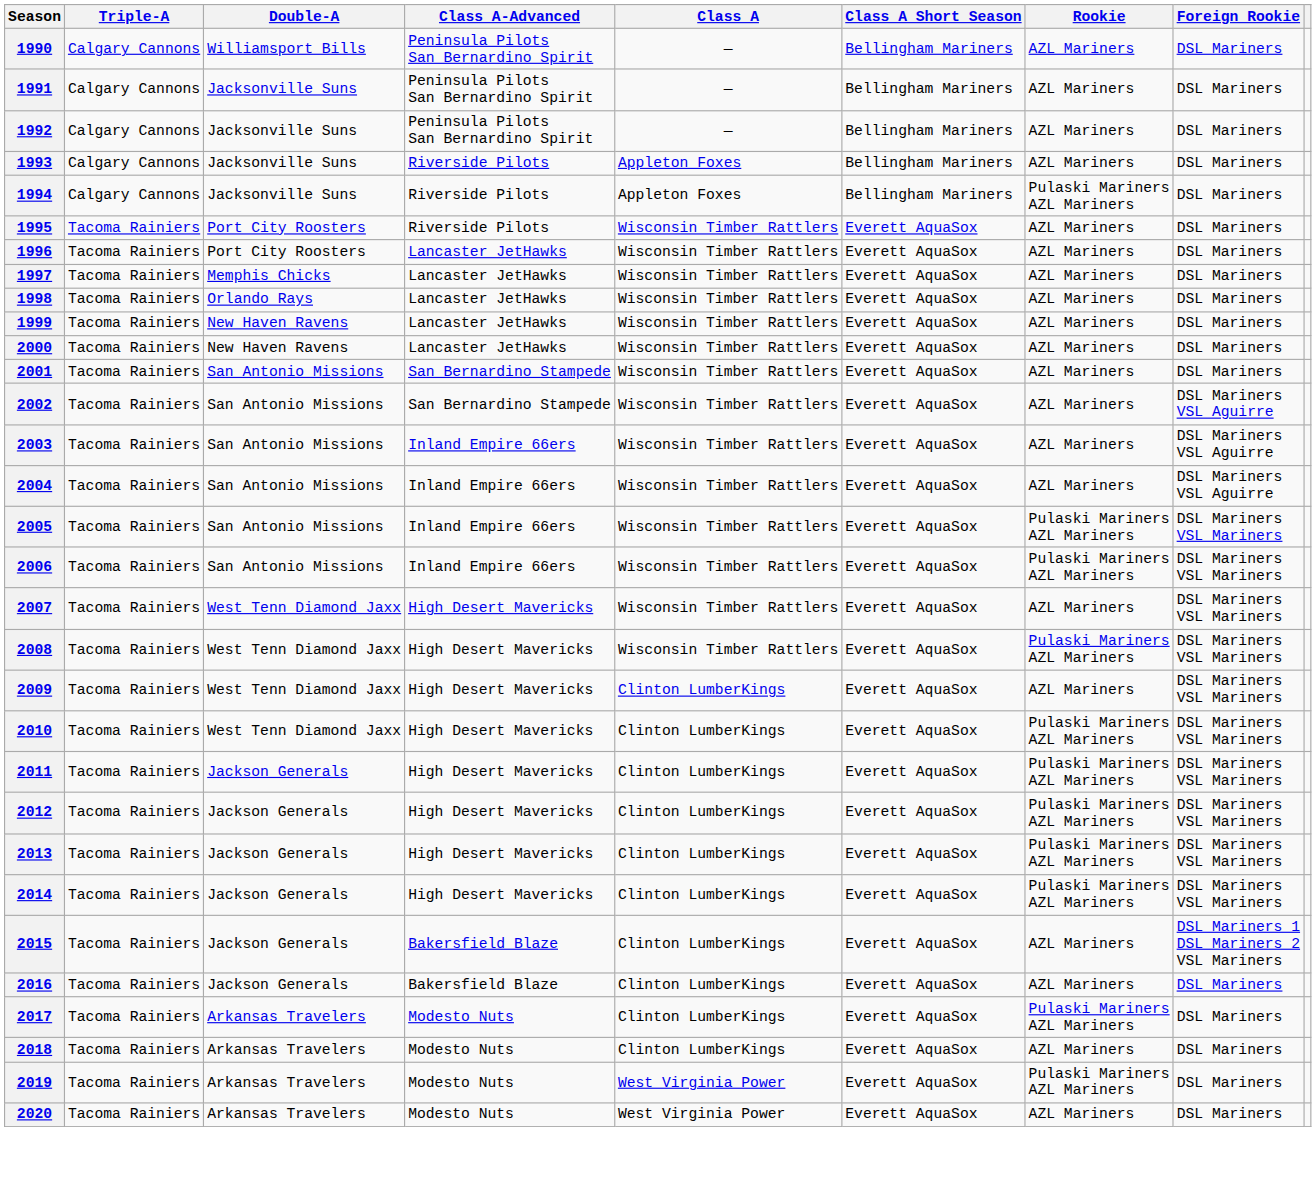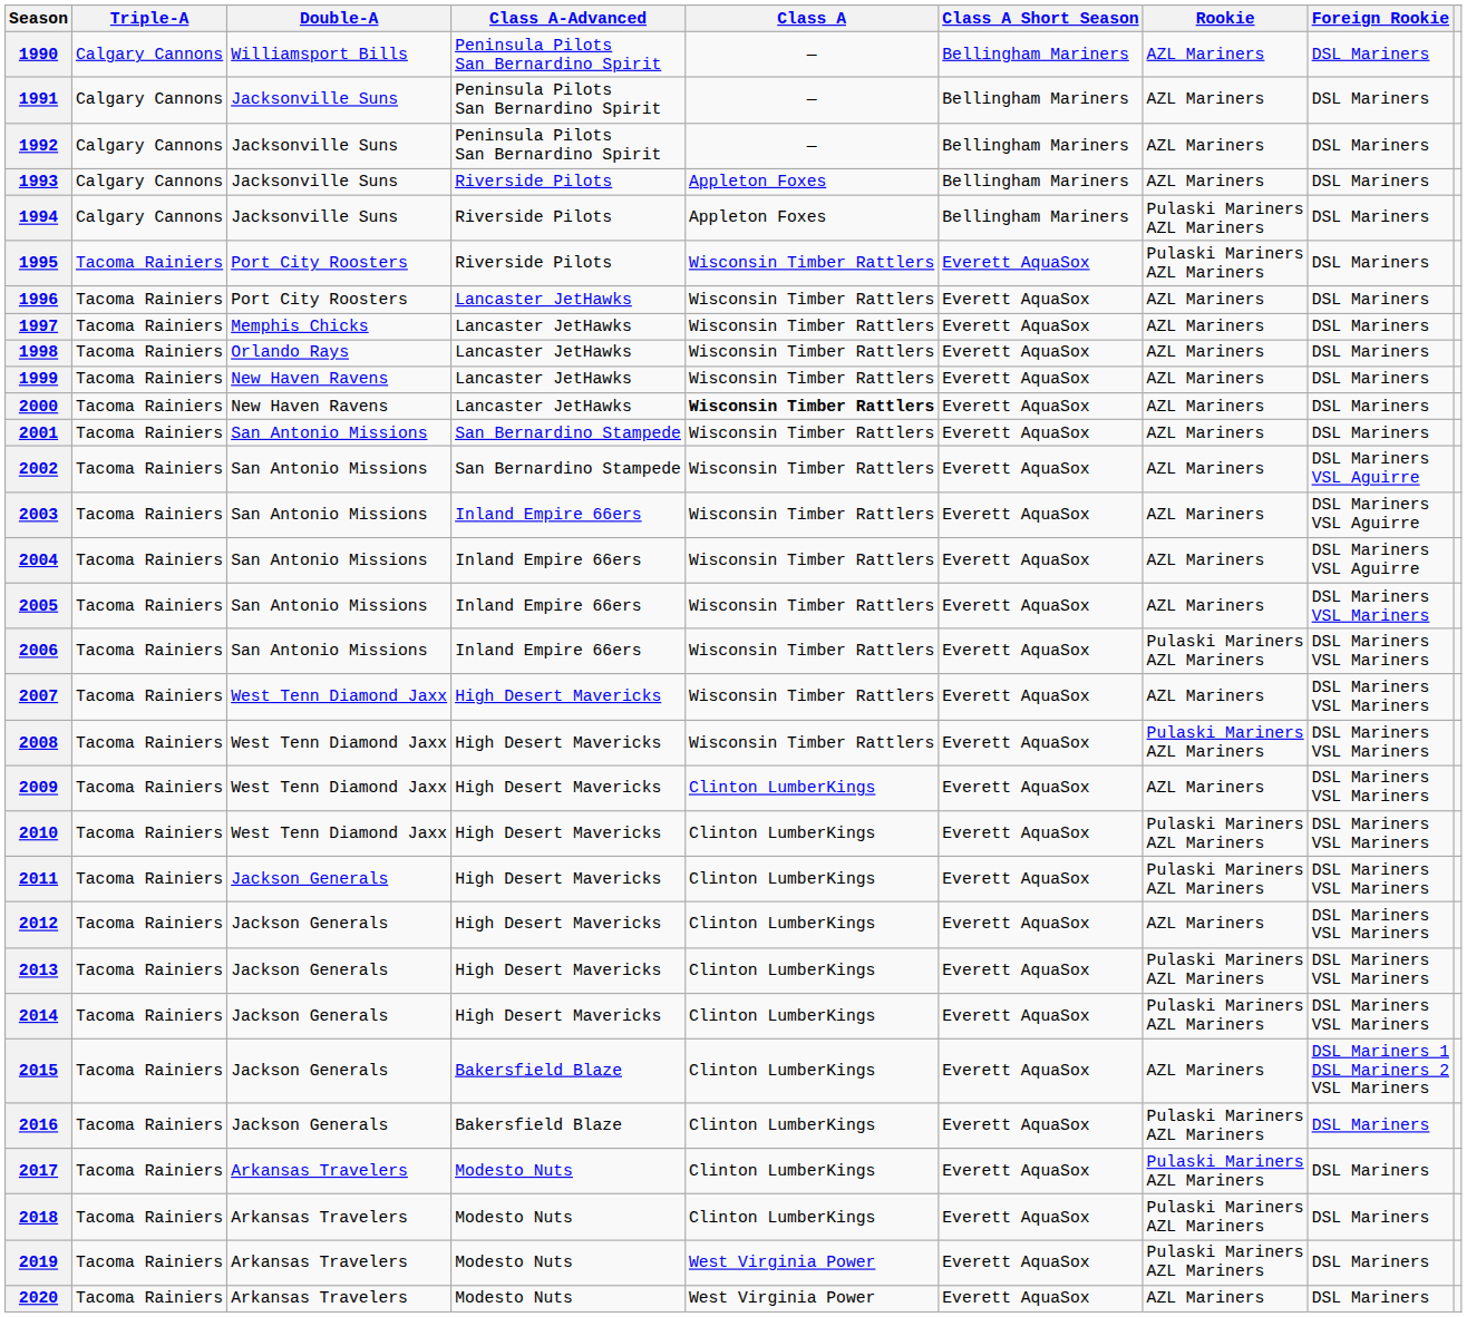 <table class="wikitable plainrowheaders">
 <tr>
 <th scope="col">Season</th>
 <th scope="col"><a href='#'><span>Triple-A</span></a></th>
 <th scope="col"><a href='#'><span>Double-A</span></a></th>
 <th scope="col"><a href='#'><span>Class A-Advanced</span></a></th>
 <th scope="col"><a href='#'><span>Class A</span></a></th>
 <th scope="col"><a href='#'><span>Class A Short Season</span></a></th>
 <th scope="col"><a href='#'><span>Rookie</span></a></th>
 <th scope="col"><a href='#'><span>Foreign Rookie</span></a></th>
 <th scope="col"></th>
 </tr>
 <tr>
 <th scope="row" style="text-align:center"><a href='#'>1990</a></th>
 <td><a href='#'>Calgary Cannons</a></td>
 <td><a href='#'>Williamsport Bills</a></td>
 <td><a href='#'>Peninsula Pilots</a><br><a href='#'>San Bernardino Spirit</a></td>
 <td align="center">—</td>
 <td><a href='#'>Bellingham Mariners</a></td>
 <td><a href='#'>AZL Mariners</a></td>
 <td><a href='#'>DSL Mariners</a></td>
 <td align="center"></td>
 </tr>
 <tr>
 <th scope="row" style="text-align:center"><a href='#'>1991</a></th>
 <td>Calgary Cannons</td>
 <td><a href='#'>Jacksonville Suns</a></td>
 <td>Peninsula Pilots<br>San Bernardino Spirit</td>
 <td align="center">—</td>
 <td>Bellingham Mariners</td>
 <td>AZL Mariners</td>
 <td>DSL Mariners</td>
 <td align="center"></td>
 </tr>
 <tr>
 <th scope="row" style="text-align:center"><a href='#'>1992</a></th>
 <td>Calgary Cannons</td>
 <td>Jacksonville Suns</td>
 <td>Peninsula Pilots<br>San Bernardino Spirit</td>
 <td align="center">—</td>
 <td>Bellingham Mariners</td>
 <td>AZL Mariners</td>
 <td>DSL Mariners</td>
 <td align="center"></td>
 </tr>
 <tr>
 <th scope="row" style="text-align:center"><a href='#'>1993</a></th>
 <td>Calgary Cannons</td>
 <td>Jacksonville Suns</td>
 <td><a href='#'>Riverside Pilots</a></td>
 <td><a href='#'>Appleton Foxes</a></td>
 <td>Bellingham Mariners</td>
 <td>AZL Mariners</td>
 <td>DSL Mariners</td>
 <td align="center"></td>
 </tr>
 <tr>
 <th scope="row" style="text-align:center"><a href='#'>1994</a></th>
 <td>Calgary Cannons</td>
 <td>Jacksonville Suns</td>
 <td>Riverside Pilots</td>
 <td>Appleton Foxes</td>
 <td>Bellingham Mariners</td>
 <td>Pulaski Mariners<br>AZL Mariners</td>
 <td>DSL Mariners</td>
 <td align="center"></td>
 </tr>
 <tr>
 <th scope="row" style="text-align:center"><a href='#'>1995</a></th>
 <td><a href='#'>Tacoma Rainiers</a></td>
 <td><a href='#'>Port City Roosters</a></td>
 <td>Riverside Pilots</td>
 <td><a href='#'>Wisconsin Timber Rattlers</a></td>
 <td><a href='#'>Everett AquaSox</a></td>
-<td>AZL Mariners</td>
+<td>Pulaski Mariners<br>AZL Mariners</td>
 <td>DSL Mariners</td>
 <td align="center"></td>
 </tr>
 <tr>
 <th scope="row" style="text-align:center"><a href='#'>1996</a></th>
 <td>Tacoma Rainiers</td>
 <td>Port City Roosters</td>
 <td><a href='#'>Lancaster JetHawks</a></td>
 <td>Wisconsin Timber Rattlers</td>
 <td>Everett AquaSox</td>
 <td>AZL Mariners</td>
 <td>DSL Mariners</td>
 <td align="center"></td>
 </tr>
 <tr>
 <th scope="row" style="text-align:center"><a href='#'>1997</a></th>
 <td>Tacoma Rainiers</td>
 <td><a href='#'>Memphis Chicks</a></td>
 <td>Lancaster JetHawks</td>
 <td>Wisconsin Timber Rattlers</td>
 <td>Everett AquaSox</td>
 <td>AZL Mariners</td>
 <td>DSL Mariners</td>
 <td align="center"></td>
 </tr>
 <tr>
 <th scope="row" style="text-align:center"><a href='#'>1998</a></th>
 <td>Tacoma Rainiers</td>
 <td><a href='#'>Orlando Rays</a></td>
 <td>Lancaster JetHawks</td>
 <td>Wisconsin Timber Rattlers</td>
 <td>Everett AquaSox</td>
 <td>AZL Mariners</td>
 <td>DSL Mariners</td>
 <td align="center"></td>
 </tr>
 <tr>
 <th scope="row" style="text-align:center"><a href='#'>1999</a></th>
 <td>Tacoma Rainiers</td>
 <td><a href='#'>New Haven Ravens</a></td>
 <td>Lancaster JetHawks</td>
 <td>Wisconsin Timber Rattlers</td>
 <td>Everett AquaSox</td>
 <td>AZL Mariners</td>
 <td>DSL Mariners</td>
 <td align="center"></td>
 </tr>
 <tr>
 <th scope="row" style="text-align:center"><a href='#'>2000</a></th>
 <td>Tacoma Rainiers</td>
 <td>New Haven Ravens</td>
 <td>Lancaster JetHawks</td>
-<td>Wisconsin Timber Rattlers</td>
+<td><strong>Wisconsin Timber Rattlers</strong></td>
 <td>Everett AquaSox</td>
 <td>AZL Mariners</td>
 <td>DSL Mariners</td>
 <td align="center"></td>
 </tr>
 <tr>
 <th scope="row" style="text-align:center"><a href='#'>2001</a></th>
 <td>Tacoma Rainiers</td>
 <td><a href='#'>San Antonio Missions</a></td>
 <td><a href='#'>San Bernardino Stampede</a></td>
 <td>Wisconsin Timber Rattlers</td>
 <td>Everett AquaSox</td>
 <td>AZL Mariners</td>
 <td>DSL Mariners</td>
 <td align="center"></td>
 </tr>
 <tr>
 <th scope="row" style="text-align:center"><a href='#'>2002</a></th>
 <td>Tacoma Rainiers</td>
 <td>San Antonio Missions</td>
 <td>San Bernardino Stampede</td>
 <td>Wisconsin Timber Rattlers</td>
 <td>Everett AquaSox</td>
 <td>AZL Mariners</td>
 <td>DSL Mariners<br><a href='#'>VSL Aguirre</a></td>
 <td align="center"></td>
 </tr>
 <tr>
 <th scope="row" style="text-align:center"><a href='#'>2003</a></th>
 <td>Tacoma Rainiers</td>
 <td>San Antonio Missions</td>
 <td><a href='#'>Inland Empire 66ers</a></td>
 <td>Wisconsin Timber Rattlers</td>
 <td>Everett AquaSox</td>
 <td>AZL Mariners</td>
 <td>DSL Mariners<br>VSL Aguirre</td>
 <td align="center"></td>
 </tr>
 <tr>
 <th scope="row" style="text-align:center"><a href='#'>2004</a></th>
 <td>Tacoma Rainiers</td>
 <td>San Antonio Missions</td>
 <td>Inland Empire 66ers</td>
 <td>Wisconsin Timber Rattlers</td>
 <td>Everett AquaSox</td>
 <td>AZL Mariners</td>
 <td>DSL Mariners<br>VSL Aguirre</td>
 <td align="center"></td>
 </tr>
 <tr>
 <th scope="row" style="text-align:center"><a href='#'>2005</a></th>
 <td>Tacoma Rainiers</td>
 <td>San Antonio Missions</td>
 <td>Inland Empire 66ers</td>
 <td>Wisconsin Timber Rattlers</td>
 <td>Everett AquaSox</td>
-<td>Pulaski Mariners<br>AZL Mariners</td>
+<td>AZL Mariners</td>
 <td>DSL Mariners<br><a href='#'>VSL Mariners</a></td>
 <td align="center"></td>
 </tr>
 <tr>
 <th scope="row" style="text-align:center"><a href='#'>2006</a></th>
 <td>Tacoma Rainiers</td>
 <td>San Antonio Missions</td>
 <td>Inland Empire 66ers</td>
 <td>Wisconsin Timber Rattlers</td>
 <td>Everett AquaSox</td>
 <td>Pulaski Mariners<br>AZL Mariners</td>
 <td>DSL Mariners<br>VSL Mariners</td>
 <td align="center"></td>
 </tr>
 <tr>
 <th scope="row" style="text-align:center"><a href='#'>2007</a></th>
 <td>Tacoma Rainiers</td>
 <td><a href='#'>West Tenn Diamond Jaxx</a></td>
 <td><a href='#'>High Desert Mavericks</a></td>
 <td>Wisconsin Timber Rattlers</td>
 <td>Everett AquaSox</td>
 <td>AZL Mariners</td>
 <td>DSL Mariners<br>VSL Mariners</td>
 <td align="center"></td>
 </tr>
 <tr>
 <th scope="row" style="text-align:center"><a href='#'>2008</a></th>
 <td>Tacoma Rainiers</td>
 <td>West Tenn Diamond Jaxx</td>
 <td>High Desert Mavericks</td>
 <td>Wisconsin Timber Rattlers</td>
 <td>Everett AquaSox</td>
 <td><a href='#'>Pulaski Mariners</a><br>AZL Mariners</td>
 <td>DSL Mariners<br>VSL Mariners</td>
 <td align="center"></td>
 </tr>
 <tr>
 <th scope="row" style="text-align:center"><a href='#'>2009</a></th>
 <td>Tacoma Rainiers</td>
 <td>West Tenn Diamond Jaxx</td>
 <td>High Desert Mavericks</td>
 <td><a href='#'>Clinton LumberKings</a></td>
 <td>Everett AquaSox</td>
 <td>AZL Mariners</td>
 <td>DSL Mariners<br>VSL Mariners</td>
 <td align="center"></td>
 </tr>
 <tr>
 <th scope="row" style="text-align:center"><a href='#'>2010</a></th>
 <td>Tacoma Rainiers</td>
 <td>West Tenn Diamond Jaxx</td>
 <td>High Desert Mavericks</td>
 <td>Clinton LumberKings</td>
 <td>Everett AquaSox</td>
 <td>Pulaski Mariners<br>AZL Mariners</td>
 <td>DSL Mariners<br>VSL Mariners</td>
 <td align="center"></td>
 </tr>
 <tr>
 <th scope="row" style="text-align:center"><a href='#'>2011</a></th>
 <td>Tacoma Rainiers</td>
 <td><a href='#'>Jackson Generals</a></td>
 <td>High Desert Mavericks</td>
 <td>Clinton LumberKings</td>
 <td>Everett AquaSox</td>
 <td>Pulaski Mariners<br>AZL Mariners</td>
 <td>DSL Mariners<br>VSL Mariners</td>
 <td align="center"></td>
 </tr>
 <tr>
 <th scope="row" style="text-align:center"><a href='#'>2012</a></th>
 <td>Tacoma Rainiers</td>
 <td>Jackson Generals</td>
 <td>High Desert Mavericks</td>
 <td>Clinton LumberKings</td>
 <td>Everett AquaSox</td>
-<td>Pulaski Mariners<br>AZL Mariners</td>
+<td>AZL Mariners</td>
 <td>DSL Mariners<br>VSL Mariners</td>
 <td align="center"></td>
 </tr>
 <tr>
 <th scope="row" style="text-align:center"><a href='#'>2013</a></th>
 <td>Tacoma Rainiers</td>
 <td>Jackson Generals</td>
 <td>High Desert Mavericks</td>
 <td>Clinton LumberKings</td>
 <td>Everett AquaSox</td>
 <td>Pulaski Mariners<br>AZL Mariners</td>
 <td>DSL Mariners<br>VSL Mariners</td>
 <td align="center"></td>
 </tr>
 <tr>
 <th scope="row" style="text-align:center"><a href='#'>2014</a></th>
 <td>Tacoma Rainiers</td>
 <td>Jackson Generals</td>
 <td>High Desert Mavericks</td>
 <td>Clinton LumberKings</td>
 <td>Everett AquaSox</td>
 <td>Pulaski Mariners<br>AZL Mariners</td>
 <td>DSL Mariners<br>VSL Mariners</td>
 <td align="center"></td>
 </tr>
 <tr>
 <th scope="row" style="text-align:center"><a href='#'>2015</a></th>
 <td>Tacoma Rainiers</td>
 <td>Jackson Generals</td>
 <td><a href='#'>Bakersfield Blaze</a></td>
 <td>Clinton LumberKings</td>
 <td>Everett AquaSox</td>
 <td>AZL Mariners</td>
 <td><a href='#'>DSL Mariners 1</a><br><a href='#'>DSL Mariners 2</a><br>VSL Mariners</td>
 <td align="center"></td>
 </tr>
 <tr>
 <th scope="row" style="text-align:center"><a href='#'>2016</a></th>
 <td>Tacoma Rainiers</td>
 <td>Jackson Generals</td>
 <td>Bakersfield Blaze</td>
 <td>Clinton LumberKings</td>
 <td>Everett AquaSox</td>
-<td>AZL Mariners</td>
+<td>Pulaski Mariners<br>AZL Mariners</td>
 <td><a href='#'>DSL Mariners</a></td>
 <td align="center"></td>
 </tr>
 <tr>
 <th scope="row" style="text-align:center"><a href='#'>2017</a></th>
 <td>Tacoma Rainiers</td>
 <td><a href='#'>Arkansas Travelers</a></td>
 <td><a href='#'>Modesto Nuts</a></td>
 <td>Clinton LumberKings</td>
 <td>Everett AquaSox</td>
 <td><a href='#'>Pulaski Mariners</a><br>AZL Mariners</td>
 <td>DSL Mariners</td>
 <td align="center"></td>
 </tr>
 <tr>
 <th scope="row" style="text-align:center"><a href='#'>2018</a></th>
 <td>Tacoma Rainiers</td>
 <td>Arkansas Travelers</td>
 <td>Modesto Nuts</td>
 <td>Clinton LumberKings</td>
 <td>Everett AquaSox</td>
-<td>AZL Mariners</td>
+<td>Pulaski Mariners<br>AZL Mariners</td>
 <td>DSL Mariners</td>
 <td align="center"></td>
 </tr>
 <tr>
 <th scope="row" style="text-align:center"><a href='#'>2019</a></th>
 <td>Tacoma Rainiers</td>
 <td>Arkansas Travelers</td>
 <td>Modesto Nuts</td>
 <td><a href='#'>West Virginia Power</a></td>
 <td>Everett AquaSox</td>
 <td>Pulaski Mariners<br>AZL Mariners</td>
 <td>DSL Mariners</td>
 <td align="center"></td>
 </tr>
 <tr>
 <th scope="row" style="text-align:center"><a href='#'>2020</a></th>
 <td>Tacoma Rainiers</td>
 <td>Arkansas Travelers</td>
 <td>Modesto Nuts</td>
 <td>West Virginia Power</td>
 <td>Everett AquaSox</td>
 <td>AZL Mariners</td>
 <td>DSL Mariners</td>
 <td align="center"></td>
 </tr>
 </table>
